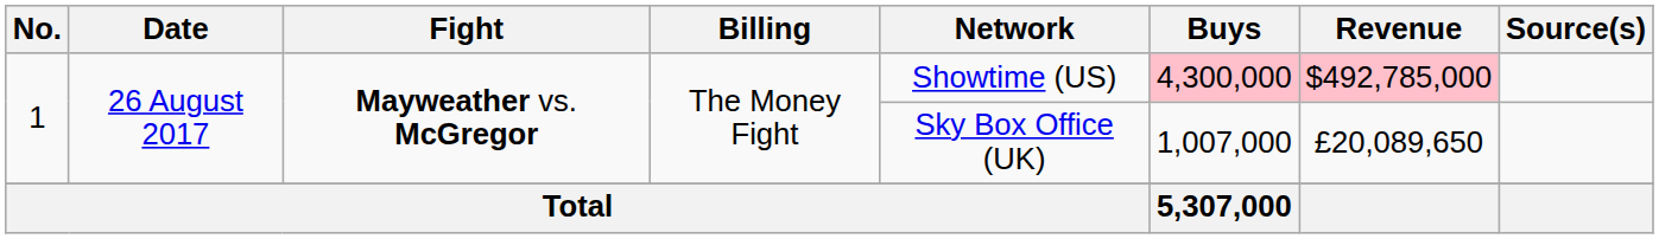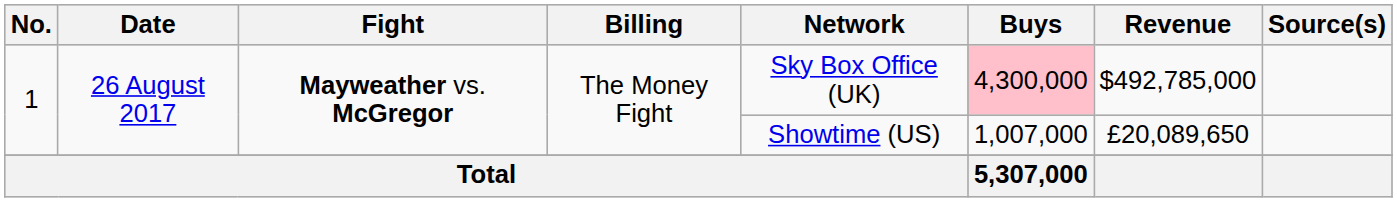 <table class="wikitable sortable">
 <tr>
 <th>No.</th>
 <th>Date</th>
 <th>Fight</th>
 <th>Billing</th>
 <th>Network</th>
 <th>Buys</th>
 <th>Revenue</th>
 <th>Source(s)</th>
 </tr>
 <tr>
 <td align=center rowspan="2">1</td>
 <td align=center rowspan="2"><a href='#'>26 August 2017</a></td>
 <td align=center rowspan="2"><strong>Mayweather</strong> vs. <strong>McGregor</strong></td>
 <td align=center rowspan="2">The Money Fight</td>
-<td align=center><a href='#'>Showtime</a> (US)</td>
+<td align="center"><a href='#'>Sky Box Office</a> (UK)</td>
 <td align=center style="background: pink;">4,300,000</td>
-<td align=center style="background: pink;">$492,785,000</td>
+<td align=center>$492,785,000</td>
 <td align="center"></td>
 </tr>
 <tr>
-<td align="center"><a href='#'>Sky Box Office</a> (UK)</td>
+<td align=center><a href='#'>Showtime</a> (US)</td>
 <td align="center">1,007,000</td>
 <td align="center">£20,089,650</td>
 <td align="center"></td>
 </tr>
 <tr>
 </tr>
 <tr>
 <th colspan="5">Total</th>
 <th><strong>5,307,000</strong></th>
 <th></th>
 <th></th>
 </tr>
 </table>
